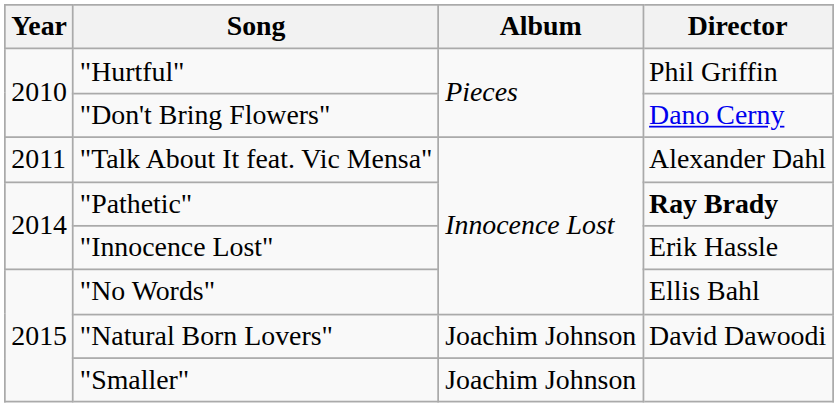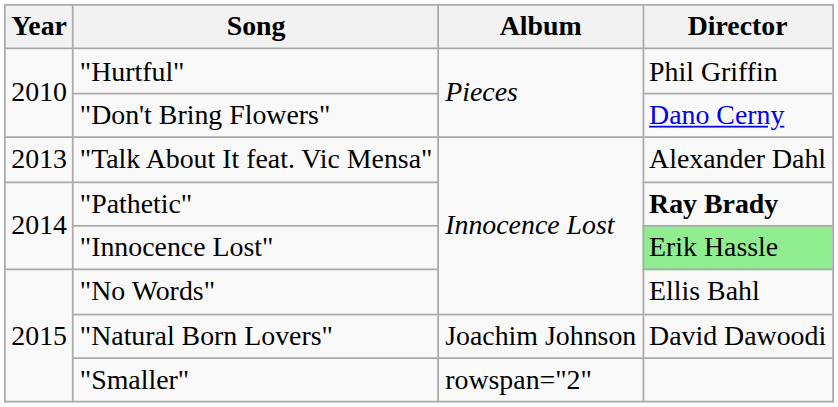 <table class="wikitable sortable">
 <tr>
 <th>Year</th>
 <th>Song</th>
 <th>Album</th>
 <th>Director</th>
 </tr>
 <tr>
 <td style="text-align:left;" rowspan="2">2010</td>
 <td>"Hurtful" <br></td>
 <td style="text-align:left;" rowspan="2"><em>Pieces</em></td>
 <td>Phil Griffin</td>
 </tr>
 <tr>
 <td>"Don't Bring Flowers" <br></td>
 <td><a href='#'>Dano Cerny</a></td>
 </tr>
 <tr>
-<td>2011</td>
+<td>2013</td>
 <td>"Talk About It feat. Vic Mensa" <br></td>
 <td style="text-align:left;" rowspan="4"><em>Innocence Lost</em></td>
 <td>Alexander Dahl</td>
 </tr>
 <tr>
 <td style="text-align:left;" rowspan="2">2014</td>
 <td>"Pathetic" <br></td>
 <td><strong>Ray Brady</strong></td>
 </tr>
 <tr>
 <td>"Innocence Lost" <br></td>
-<td>Erik Hassle</td>
+<td style="background: lightgreen;">Erik Hassle</td>
 </tr>
 <tr>
 <td style="text-align:left;" rowspan="3">2015</td>
 <td>"No Words" <br></td>
 <td>Ellis Bahl</td>
 </tr>
 <tr>
 <td>"Natural Born Lovers" <br></td>
 <td>Joachim Johnson</td>
 <td>David Dawoodi</td>
 </tr>
 <tr>
 <td>"Smaller" <br></td>
-<td>Joachim Johnson</td>
+<td>rowspan="2" </td>
 </tr>
 </table>
